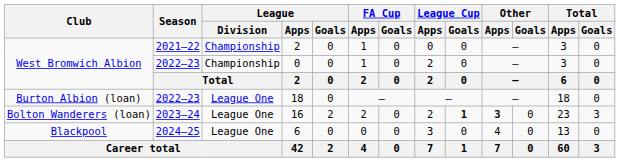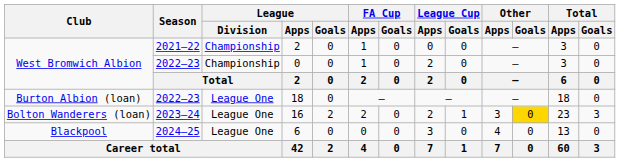 <table class="wikitable" style="text-align: center">
 <tr>
 <th rowspan="2">Club</th>
 <th rowspan="2">Season</th>
 <th colspan="3">League</th>
 <th colspan="2"><a href='#'>FA Cup</a></th>
 <th colspan="2"><a href='#'>League Cup</a></th>
 <th colspan="2">Other</th>
 <th colspan="2">Total</th>
 </tr>
 <tr>
 <th>Division</th>
 <th>Apps</th>
 <th>Goals</th>
 <th>Apps</th>
 <th>Goals</th>
 <th>Apps</th>
 <th>Goals</th>
 <th>Apps</th>
 <th>Goals</th>
 <th>Apps</th>
 <th>Goals</th>
 </tr>
 <tr>
 <td rowspan="3"><a href='#'>West Bromwich Albion</a></td>
 <td><a href='#'>2021–22</a></td>
 <td><a href='#'>Championship</a></td>
 <td>2</td>
 <td>0</td>
 <td>1</td>
 <td>0</td>
 <td>0</td>
 <td>0</td>
 <td colspan=2>—</td>
 <td>3</td>
 <td>0</td>
 </tr>
 <tr>
 <td><a href='#'>2022–23</a></td>
 <td>Championship</td>
 <td>0</td>
 <td>0</td>
 <td>1</td>
 <td>0</td>
 <td>2</td>
 <td>0</td>
 <td colspan=2>—</td>
 <td>3</td>
 <td>0</td>
 </tr>
 <tr>
 <th colspan=2>Total</th>
 <th>2</th>
 <th>0</th>
 <th>2</th>
 <th>0</th>
 <th>2</th>
 <th>0</th>
 <th colspan="2">—</th>
 <th>6</th>
 <th>0</th>
 </tr>
 <tr>
 <td><a href='#'>Burton Albion</a> (loan)</td>
 <td><a href='#'>2022–23</a></td>
 <td><a href='#'>League One</a></td>
 <td>18</td>
 <td>0</td>
 <td colspan=2>—</td>
 <td colspan=2>—</td>
 <td colspan=2>—</td>
 <td>18</td>
 <td>0</td>
 </tr>
 <tr>
 <td><a href='#'>Bolton Wanderers</a> (loan)</td>
 <td><a href='#'>2023–24</a></td>
 <td>League One</td>
 <td>16</td>
 <td>2</td>
 <td>2</td>
 <td>0</td>
 <td>2</td>
-<td><strong>1</strong></td>
-<td><strong>3</strong></td>
-<td>0</td>
+<td>1</td>
+<td>3</td>
+<td style="background: gold;">0</td>
 <td>23</td>
 <td>3</td>
 </tr>
 <tr>
 <td><a href='#'>Blackpool</a></td>
 <td><a href='#'>2024–25</a></td>
 <td>League One</td>
 <td>6</td>
 <td>0</td>
 <td>0</td>
 <td>0</td>
 <td>3</td>
 <td>0</td>
 <td>4</td>
 <td>0</td>
 <td>13</td>
 <td>0</td>
 </tr>
 <tr>
 <th colspan="3">Career total</th>
 <th>42</th>
 <th>2</th>
 <th>4</th>
 <th>0</th>
 <th>7</th>
 <th>1</th>
 <th>7</th>
 <th>0</th>
 <th>60</th>
 <th>3</th>
 </tr>
 </table>
